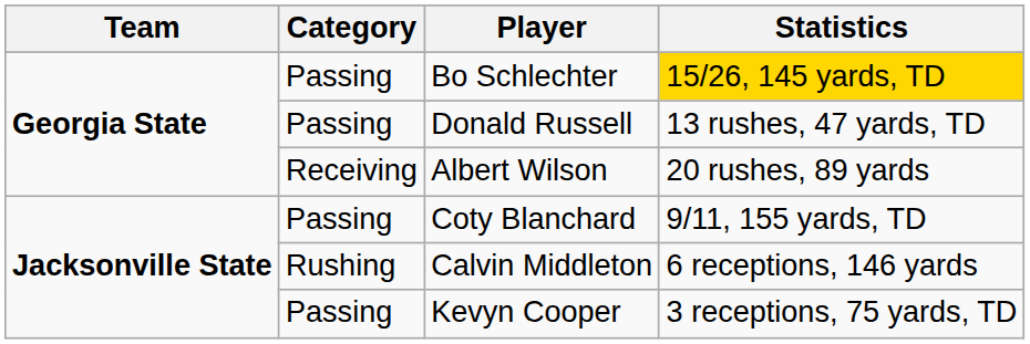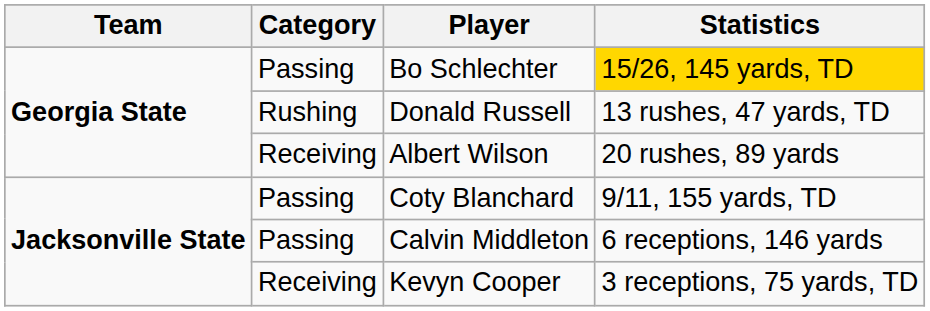 <table class="wikitable" style="float: left;">
 <tr>
 <th>Team</th>
 <th>Category</th>
 <th>Player</th>
 <th>Statistics</th>
 </tr>
 <tr>
 <td rowspan=3><strong>Georgia State</strong></td>
 <td>Passing</td>
 <td>Bo Schlechter</td>
 <td style="background: gold;">15/26, 145 yards, TD</td>
 </tr>
 <tr>
-<td>Passing</td>
+<td>Rushing</td>
 <td>Donald Russell</td>
 <td>13 rushes, 47 yards, TD</td>
 </tr>
 <tr>
 <td>Receiving</td>
 <td>Albert Wilson</td>
 <td>20 rushes, 89 yards</td>
 </tr>
 <tr>
 <td rowspan=3><strong>Jacksonville State</strong></td>
 <td>Passing</td>
 <td>Coty Blanchard</td>
 <td>9/11, 155 yards, TD</td>
 </tr>
 <tr>
-<td>Rushing</td>
+<td>Passing</td>
 <td>Calvin Middleton</td>
 <td>6 receptions, 146 yards</td>
 </tr>
 <tr>
-<td>Passing</td>
+<td>Receiving</td>
 <td>Kevyn Cooper</td>
 <td>3 receptions, 75 yards, TD</td>
 </tr>
 </table>
